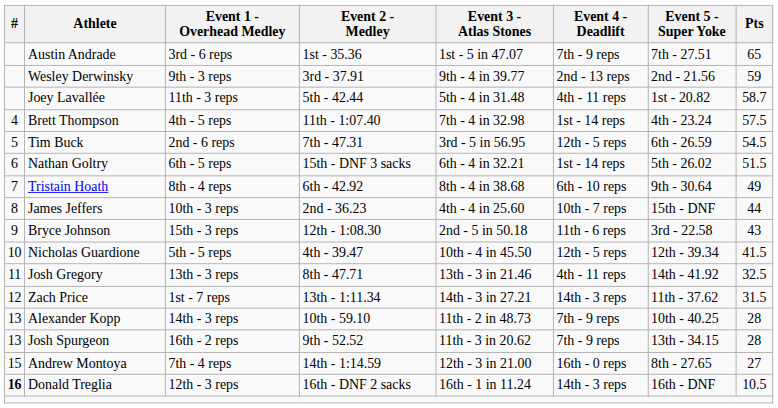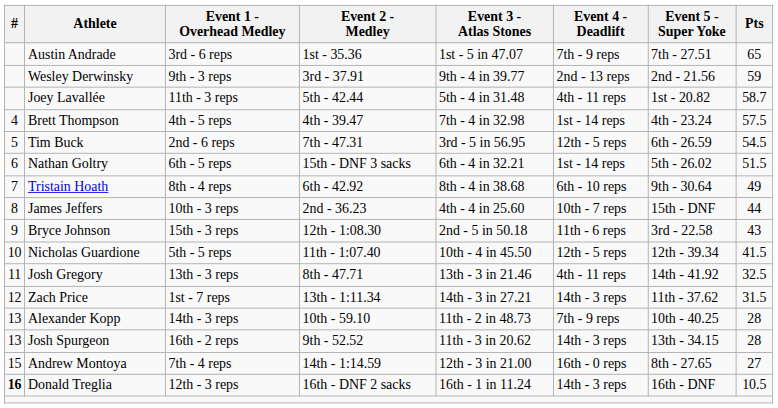 <table class="wikitable sortable" style="display: inline-table;width: 100%;">
 <tr>
 <th scope="col" style="width: 10px;">#</th>
 <th scope="col">Athlete</th>
 <th scope="col">Event 1 -<br>Overhead Medley</th>
 <th scope="col">Event 2 -<br>Medley</th>
 <th scope="col">Event 3 -<br>Atlas Stones</th>
 <th scope="col">Event 4 -<br>Deadlift</th>
 <th scope="col">Event 5 -<br>Super Yoke</th>
 <th scope="col">Pts</th>
 </tr>
 <tr>
 <td align=center></td>
 <td> Austin Andrade</td>
 <td>3rd - 6 reps</td>
 <td>1st - 35.36</td>
 <td>1st - 5 in 47.07</td>
 <td>7th - 9 reps</td>
 <td>7th - 27.51</td>
 <td align=center>65</td>
 </tr>
 <tr>
 <td align=center></td>
 <td> Wesley Derwinsky</td>
 <td>9th - 3 reps</td>
 <td>3rd - 37.91</td>
 <td>9th - 4 in 39.77</td>
 <td>2nd - 13 reps</td>
 <td>2nd - 21.56</td>
 <td align=center>59</td>
 </tr>
 <tr>
 <td align=center></td>
 <td> Joey Lavallée</td>
 <td>11th - 3 reps</td>
 <td>5th - 42.44</td>
 <td>5th - 4 in 31.48</td>
 <td>4th - 11 reps</td>
 <td>1st - 20.82</td>
 <td align=center>58.7</td>
 </tr>
 <tr>
 <td align=center>4</td>
 <td> Brett Thompson</td>
 <td>4th - 5 reps</td>
-<td>11th - 1:07.40</td>
+<td>4th - 39.47</td>
 <td>7th - 4 in 32.98</td>
 <td>1st - 14 reps</td>
 <td>4th - 23.24</td>
 <td align=center>57.5</td>
 </tr>
 <tr>
 <td align=center>5</td>
 <td> Tim Buck</td>
 <td>2nd - 6 reps</td>
 <td>7th - 47.31</td>
 <td>3rd - 5 in 56.95</td>
 <td>12th - 5 reps</td>
 <td>6th - 26.59</td>
 <td align=center>54.5</td>
 </tr>
 <tr>
 <td align=center>6</td>
 <td> Nathan Goltry</td>
 <td>6th - 5 reps</td>
 <td>15th - DNF 3 sacks</td>
 <td>6th - 4 in 32.21</td>
 <td>1st - 14 reps</td>
 <td>5th - 26.02</td>
 <td align=center>51.5</td>
 </tr>
 <tr>
 <td align=center>7</td>
 <td> <a href='#'>Tristain Hoath</a></td>
 <td>8th - 4 reps</td>
 <td>6th - 42.92</td>
 <td>8th - 4 in 38.68</td>
 <td>6th - 10 reps</td>
 <td>9th - 30.64</td>
 <td align=center>49</td>
 </tr>
 <tr>
 <td align=center>8</td>
 <td> James Jeffers</td>
 <td>10th - 3 reps</td>
 <td>2nd - 36.23</td>
 <td>4th - 4 in 25.60</td>
 <td>10th - 7 reps</td>
 <td>15th - DNF</td>
 <td align=center>44</td>
 </tr>
 <tr>
 <td align=center>9</td>
 <td> Bryce Johnson</td>
 <td>15th - 3 reps</td>
 <td>12th - 1:08.30</td>
 <td>2nd - 5 in 50.18</td>
 <td>11th - 6 reps</td>
 <td>3rd - 22.58</td>
 <td align=center>43</td>
 </tr>
 <tr>
 <td align=center>10</td>
 <td> Nicholas Guardione</td>
 <td>5th - 5 reps</td>
-<td>4th - 39.47</td>
+<td>11th - 1:07.40</td>
 <td>10th - 4 in 45.50</td>
 <td>12th - 5 reps</td>
 <td>12th - 39.34</td>
 <td align=center>41.5</td>
 </tr>
 <tr>
 <td align=center>11</td>
 <td> Josh Gregory</td>
 <td>13th - 3 reps</td>
 <td>8th - 47.71</td>
 <td>13th - 3 in 21.46</td>
 <td>4th - 11 reps</td>
 <td>14th - 41.92</td>
 <td align=center>32.5</td>
 </tr>
 <tr>
 <td align=center>12</td>
 <td> Zach Price</td>
 <td>1st - 7 reps</td>
 <td>13th - 1:11.34</td>
 <td>14th - 3 in 27.21</td>
 <td>14th - 3 reps</td>
 <td>11th - 37.62</td>
 <td align=center>31.5</td>
 </tr>
 <tr>
 <td align=center>13</td>
 <td> Alexander Kopp</td>
 <td>14th - 3 reps</td>
 <td>10th - 59.10</td>
 <td>11th - 2 in 48.73</td>
 <td>7th - 9 reps</td>
 <td>10th - 40.25</td>
 <td align=center>28</td>
 </tr>
 <tr>
 <td align=center>13</td>
 <td> Josh Spurgeon</td>
 <td>16th - 2 reps</td>
 <td>9th - 52.52</td>
 <td>11th - 3 in 20.62</td>
-<td>7th - 9 reps</td>
+<td>14th - 3 reps</td>
 <td>13th - 34.15</td>
 <td align=center>28</td>
 </tr>
 <tr>
 <td align=center>15</td>
 <td> Andrew Montoya</td>
 <td>7th - 4 reps</td>
 <td>14th - 1:14.59</td>
 <td>12th - 3 in 21.00</td>
 <td>16th - 0 reps</td>
 <td>8th - 27.65</td>
 <td align=center>27</td>
 </tr>
 <tr>
 <td align=center><strong>16</strong></td>
 <td> Donald Treglia</td>
 <td>12th - 3 reps</td>
 <td>16th - DNF 2 sacks</td>
 <td>16th - 1 in 11.24</td>
 <td>14th - 3 reps</td>
 <td>16th - DNF</td>
 <td align=center>10.5</td>
 </tr>
 <tr class="sortbottom">
 <td colspan="8" align=center></td>
 </tr>
 </table>
